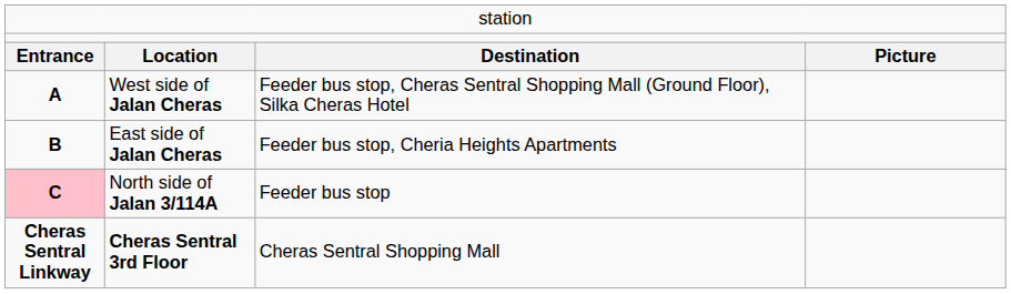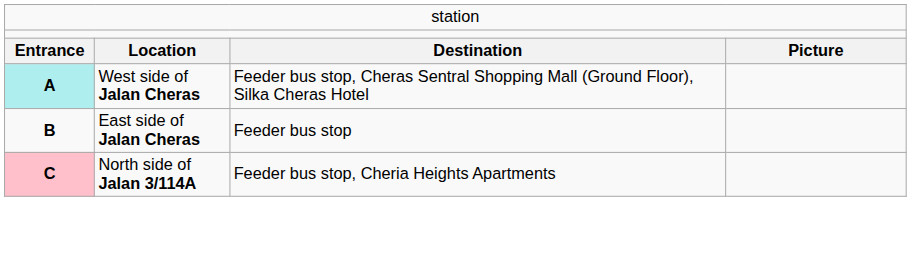 <table class="wikitable" style="width:70%">
 <tr>
 <td colspan="4" align="center"> station</td>
 </tr>
 <tr>
 <td colspan="4" align="center"></td>
 </tr>
 <tr>
 <th style="width:10%">Entrance</th>
 <th style="width:15%">Location</th>
 <th style="width:55%">Destination</th>
 <th style="width:20%">Picture</th>
 </tr>
 <tr>
-<td align="center"><strong><span>A</span></strong></td>
+<td align="center" style="background: paleturquoise;"><strong><span>A</span></strong></td>
 <td>West side  of  <strong>Jalan Cheras</strong></td>
 <td>Feeder bus stop, Cheras Sentral Shopping Mall (Ground Floor), Silka Cheras Hotel</td>
 <td></td>
 </tr>
 <tr>
 <td align="center"><strong><span>B</span></strong></td>
 <td>East side  of <strong>Jalan Cheras</strong></td>
-<td>Feeder bus stop, Cheria Heights Apartments</td>
+<td>Feeder bus stop</td>
 <td></td>
 </tr>
 <tr>
 <td align="center" style="background: pink;"><strong><span>C</span></strong></td>
 <td>North side of <strong>Jalan 3/114A</strong></td>
-<td>Feeder bus stop</td>
-<td></td>
-</tr>
-<tr>
-<td align="center"><strong>Cheras Sentral Linkway</strong></td>
-<td><strong>Cheras Sentral 3rd Floor</strong></td>
-<td>Cheras Sentral Shopping Mall</td>
+<td>Feeder bus stop, Cheria Heights Apartments</td>
 <td></td>
 </tr>
 </table>
